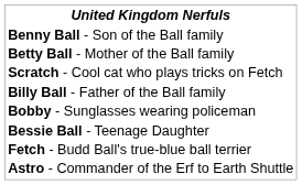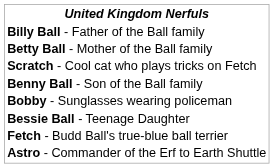 <table style="border: 1px solid darkgray; text-align:left">
 <tr>
 <td align="center"><strong><em>United Kingdom Nerfuls</em></strong></td>
 </tr>
 <tr border = "0">
-<td><strong>Benny Ball</strong> - Son of the Ball family</td>
+<td><strong>Billy Ball</strong> - Father of the Ball family</td>
 </tr>
 <tr border = "0">
 <td><strong>Betty Ball</strong> - Mother of the Ball family</td>
 </tr>
 <tr border = "0">
 <td><strong>Scratch</strong> - Cool cat who plays tricks on Fetch</td>
 </tr>
 <tr border = "0">
-<td><strong>Billy Ball</strong> - Father of the Ball family</td>
+<td><strong>Benny Ball</strong> - Son of the Ball family</td>
 </tr>
 <tr border = "0">
 <td><strong>Bobby</strong> - Sunglasses wearing policeman</td>
 </tr>
 <tr border = "0">
 <td><strong>Bessie Ball</strong> - Teenage Daughter</td>
 </tr>
 <tr border = "0">
 <td><strong>Fetch</strong> - Budd Ball's true-blue ball terrier</td>
 </tr>
 <tr border = "0">
 <td><strong>Astro</strong> - Commander of the Erf to Earth Shuttle</td>
 </tr>
 </table>
